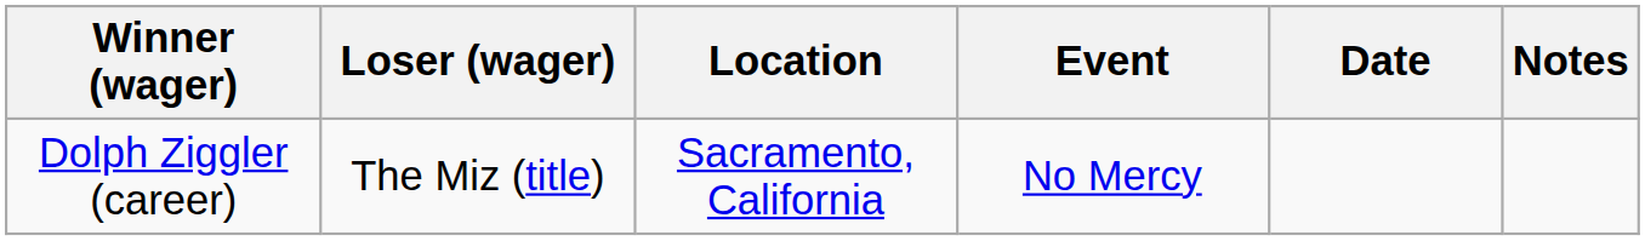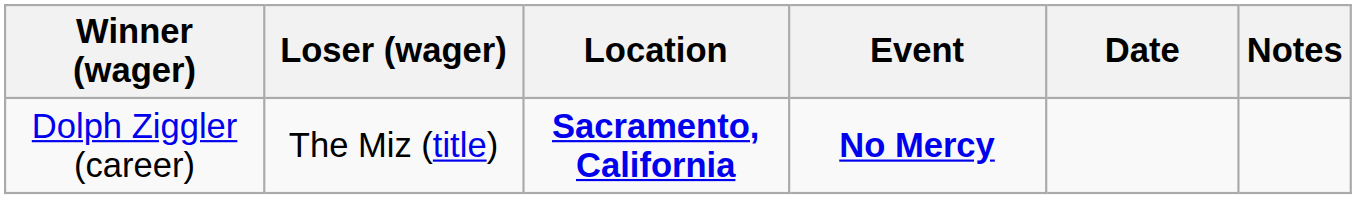 <table class="wikitable sortable" width=100%  style="text-align: center">
 <tr>
 <th width=20% scope="col">Winner (wager)</th>
 <th width=20% scope="col">Loser (wager)</th>
 <th width=20% scope="col">Location</th>
 <th width=20% scope="col">Event</th>
 <th width=15% scope="col">Date</th>
 <th class="unsortable" width=5% scope="col">Notes</th>
 </tr>
 <tr>
 <td><a href='#'>Dolph Ziggler</a> (career)</td>
 <td>The Miz (<a href='#'>title</a>)</td>
-<td><a href='#'>Sacramento, California</a></td>
-<td><a href='#'>No Mercy</a></td>
+<td><strong><a href='#'>Sacramento, California</a></strong></td>
+<td><strong><a href='#'>No Mercy</a></strong></td>
 <td></td>
 <td></td>
 </tr>
 </table>
